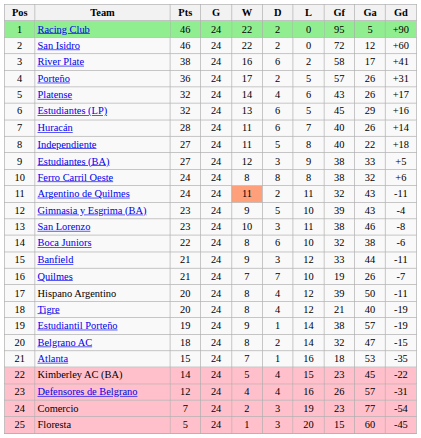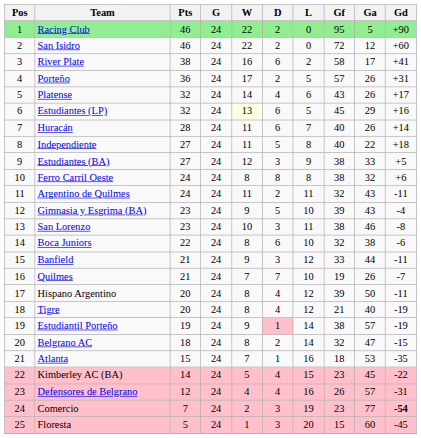 <table class="wikitable" style="text-align:center">
 <tr>
 <th width=40px>Pos</th>
 <th width=200px>Team</th>
 <th width=40px>Pts</th>
 <th width=40px>G</th>
 <th width=40px>W</th>
 <th width=40px>D</th>
 <th width=40px>L</th>
 <th width=40px>Gf</th>
 <th width=40px>Ga</th>
 <th width=40px>Gd</th>
 </tr>
 <tr bgcolor="lightgreen">
 <td>1</td>
 <td align=left><a href='#'>Racing Club</a></td>
 <td>46</td>
 <td>24</td>
 <td>22</td>
 <td>2</td>
 <td>0</td>
 <td>95</td>
 <td>5</td>
 <td>+90</td>
 </tr>
 <tr>
 <td>2</td>
 <td align=left><a href='#'>San Isidro</a></td>
 <td>46</td>
 <td>24</td>
 <td>22</td>
 <td>2</td>
 <td>0</td>
 <td>72</td>
 <td>12</td>
 <td>+60</td>
 </tr>
 <tr>
 <td>3</td>
 <td align=left><a href='#'>River Plate</a></td>
 <td>38</td>
 <td>24</td>
 <td>16</td>
 <td>6</td>
 <td>2</td>
 <td>58</td>
 <td>17</td>
 <td>+41</td>
 </tr>
 <tr>
 <td>4</td>
 <td align=left><a href='#'>Porteño</a></td>
 <td>36</td>
 <td>24</td>
 <td>17</td>
 <td>2</td>
 <td>5</td>
 <td>57</td>
 <td>26</td>
 <td>+31</td>
 </tr>
 <tr>
 <td>5</td>
 <td align=left><a href='#'>Platense</a></td>
 <td>32</td>
 <td>24</td>
 <td>14</td>
 <td>4</td>
 <td>6</td>
 <td>43</td>
 <td>26</td>
 <td>+17</td>
 </tr>
 <tr>
 <td>6</td>
 <td align=left><a href='#'>Estudiantes (LP)</a></td>
 <td>32</td>
 <td>24</td>
-<td>13</td>
+<td style="background: lightyellow;">13</td>
 <td>6</td>
 <td>5</td>
 <td>45</td>
 <td>29</td>
 <td>+16</td>
 </tr>
 <tr>
 <td>7</td>
 <td align=left><a href='#'>Huracán</a></td>
 <td>28</td>
 <td>24</td>
 <td>11</td>
 <td>6</td>
 <td>7</td>
 <td>40</td>
 <td>26</td>
 <td>+14</td>
 </tr>
 <tr>
 <td>8</td>
 <td align=left><a href='#'>Independiente</a></td>
 <td>27</td>
 <td>24</td>
 <td>11</td>
 <td>5</td>
 <td>8</td>
 <td>40</td>
 <td>22</td>
 <td>+18</td>
 </tr>
 <tr>
 <td>9</td>
 <td align=left><a href='#'>Estudiantes (BA)</a></td>
 <td>27</td>
 <td>24</td>
 <td>12</td>
 <td>3</td>
 <td>9</td>
 <td>38</td>
 <td>33</td>
 <td>+5</td>
 </tr>
 <tr>
 <td>10</td>
 <td align=left><a href='#'>Ferro Carril Oeste</a></td>
 <td>24</td>
 <td>24</td>
 <td>8</td>
 <td>8</td>
 <td>8</td>
 <td>38</td>
 <td>32</td>
 <td>+6</td>
 </tr>
 <tr>
 <td>11</td>
 <td align=left><a href='#'>Argentino de Quilmes</a></td>
 <td>24</td>
 <td>24</td>
-<td style="background: lightsalmon;">11</td>
+<td>11</td>
 <td>2</td>
 <td>11</td>
 <td>32</td>
 <td>43</td>
 <td>-11</td>
 </tr>
 <tr>
 <td>12</td>
 <td align=left><a href='#'>Gimnasia y Esgrima (BA)</a></td>
 <td>23</td>
 <td>24</td>
 <td>9</td>
 <td>5</td>
 <td>10</td>
 <td>39</td>
 <td>43</td>
 <td>-4</td>
 </tr>
 <tr>
 <td>13</td>
 <td align=left><a href='#'>San Lorenzo</a></td>
 <td>23</td>
 <td>24</td>
 <td>10</td>
 <td>3</td>
 <td>11</td>
 <td>38</td>
 <td>46</td>
 <td>-8</td>
 </tr>
 <tr>
 <td>14</td>
 <td align=left><a href='#'>Boca Juniors</a></td>
 <td>22</td>
 <td>24</td>
 <td>8</td>
 <td>6</td>
 <td>10</td>
 <td>32</td>
 <td>38</td>
 <td>-6</td>
 </tr>
 <tr>
 <td>15</td>
 <td align=left><a href='#'>Banfield</a></td>
 <td>21</td>
 <td>24</td>
 <td>9</td>
 <td>3</td>
 <td>12</td>
 <td>33</td>
 <td>44</td>
 <td>-11</td>
 </tr>
 <tr>
 <td>16</td>
 <td align=left><a href='#'>Quilmes</a></td>
 <td>21</td>
 <td>24</td>
 <td>7</td>
 <td>7</td>
 <td>10</td>
 <td>19</td>
 <td>26</td>
 <td>-7</td>
 </tr>
 <tr>
 <td>17</td>
 <td align=left>Hispano Argentino</td>
 <td>20</td>
 <td>24</td>
 <td>8</td>
 <td>4</td>
 <td>12</td>
 <td>39</td>
 <td>50</td>
 <td>-11</td>
 </tr>
 <tr>
 <td>18</td>
 <td align=left><a href='#'>Tigre</a></td>
 <td>20</td>
 <td>24</td>
 <td>8</td>
 <td>4</td>
 <td>12</td>
 <td>21</td>
 <td>40</td>
 <td>-19</td>
 </tr>
 <tr>
 <td>19</td>
 <td align=left><a href='#'>Estudiantil Porteño</a></td>
 <td>19</td>
 <td>24</td>
 <td>9</td>
-<td>1</td>
+<td style="background: pink;">1</td>
 <td>14</td>
 <td>38</td>
 <td>57</td>
 <td>-19</td>
 </tr>
 <tr>
 <td>20</td>
 <td align=left><a href='#'>Belgrano AC</a></td>
 <td>18</td>
 <td>24</td>
 <td>8</td>
 <td>2</td>
 <td>14</td>
 <td>32</td>
 <td>47</td>
 <td>-15</td>
 </tr>
 <tr>
 <td>21</td>
 <td align=left><a href='#'>Atlanta</a></td>
 <td>15</td>
 <td>24</td>
 <td>7</td>
 <td>1</td>
 <td>16</td>
 <td>18</td>
 <td>53</td>
 <td>-35</td>
 </tr>
 <tr bgcolor="pink">
 <td>22</td>
 <td align=left>Kimberley AC (BA)</td>
 <td>14</td>
 <td>24</td>
 <td>5</td>
 <td>4</td>
 <td>15</td>
 <td>23</td>
 <td>45</td>
 <td>-22</td>
 </tr>
 <tr bgcolor="pink">
 <td>23</td>
 <td align=left><a href='#'>Defensores de Belgrano</a></td>
 <td>12</td>
 <td>24</td>
 <td>4</td>
 <td>4</td>
 <td>16</td>
 <td>26</td>
 <td>57</td>
 <td>-31</td>
 </tr>
 <tr bgcolor="pink">
 <td>24</td>
 <td align=left>Comercio</td>
 <td>7</td>
 <td>24</td>
 <td>2</td>
 <td>3</td>
 <td>19</td>
 <td>23</td>
 <td>77</td>
-<td>-54</td>
+<td><strong>-54</strong></td>
 </tr>
 <tr bgcolor="pink">
 <td>25</td>
 <td align=left>Floresta</td>
 <td>5</td>
 <td>24</td>
 <td>1</td>
 <td>3</td>
 <td>20</td>
 <td>15</td>
 <td>60</td>
 <td>-45</td>
 </tr>
 <tr align=center>
 </tr>
 </table>
